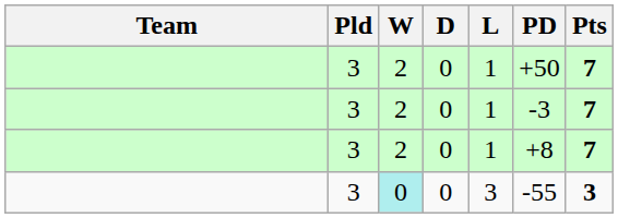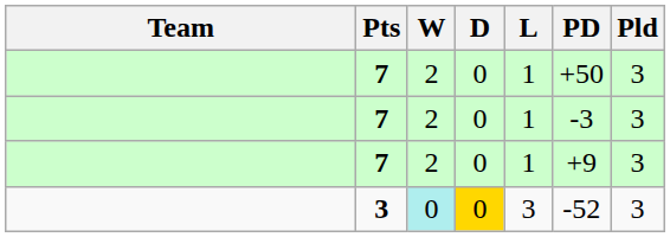 <table class="wikitable" style="text-align:center;">
 <tr>
 <th width="190">Team</th>
-<th width="20" abbr="Played">Pld</th>
+<th width="20" abbr="Points">Pts</th>
 <th width="20" abbr="Won">W</th>
 <th width="20" abbr="Drawn">D</th>
 <th width="20" abbr="Lost">L</th>
 <th width="25" abbr="Points difference">PD</th>
-<th width="20" abbr="Points">Pts</th>
+<th width="20" abbr="Played">Pld</th>
 </tr>
 <tr style="background:#ccffcc">
 <td align="left"></td>
-<td>3</td>
+<td><strong>7</strong></td>
 <td>2</td>
 <td>0</td>
 <td>1</td>
 <td>+50</td>
-<td><strong>7</strong></td>
+<td>3</td>
 </tr>
 <tr style="background:#ccffcc">
 <td align="left"></td>
-<td>3</td>
+<td><strong>7</strong></td>
 <td>2</td>
 <td>0</td>
 <td>1</td>
 <td>-3</td>
-<td><strong>7</strong></td>
+<td>3</td>
 </tr>
 <tr style="background:#ccffcc">
 <td align="left"></td>
-<td>3</td>
+<td><strong>7</strong></td>
 <td>2</td>
 <td>0</td>
 <td>1</td>
-<td>+8</td>
-<td><strong>7</strong></td>
+<td>+9</td>
+<td>3</td>
 </tr>
 <tr>
 <td align="left"></td>
+<td><strong>3</strong></td>
+<td style="background: paleturquoise;">0</td>
+<td style="background: gold;">0</td>
 <td>3</td>
-<td style="background: paleturquoise;">0</td>
-<td>0</td>
+<td>-52</td>
 <td>3</td>
-<td>-55</td>
-<td><strong>3</strong></td>
 </tr>
 </table>
